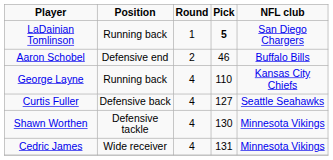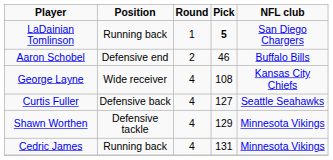 <table class="wikitable" width="80%">
 <tr align="center">
 <td><strong>Player</strong></td>
 <td><strong>Position</strong></td>
 <td><strong>Round</strong></td>
 <td><strong>Pick</strong></td>
 <td><strong>NFL club</strong></td>
 </tr>
 <tr align="center" bgcolor="">
 <td><a href='#'>LaDainian Tomlinson</a></td>
 <td>Running back</td>
 <td>1</td>
 <td><strong>5</strong></td>
 <td><a href='#'>San Diego Chargers</a></td>
 </tr>
 <tr align="center" bgcolor="">
 <td><a href='#'>Aaron Schobel</a></td>
 <td>Defensive end</td>
 <td>2</td>
 <td>46</td>
 <td><a href='#'>Buffalo Bills</a></td>
 </tr>
 <tr align="center" bgcolor="">
 <td><a href='#'>George Layne</a></td>
-<td>Running back</td>
+<td>Wide receiver</td>
 <td>4</td>
-<td>110</td>
+<td>108</td>
 <td><a href='#'>Kansas City Chiefs</a></td>
 </tr>
 <tr align="center" bgcolor="">
 <td><a href='#'>Curtis Fuller</a></td>
 <td>Defensive back</td>
 <td>4</td>
 <td>127</td>
 <td><a href='#'>Seattle Seahawks</a></td>
 </tr>
 <tr align="center" bgcolor="">
 <td><a href='#'>Shawn Worthen</a></td>
 <td>Defensive tackle</td>
 <td>4</td>
-<td>130</td>
+<td>129</td>
 <td><a href='#'>Minnesota Vikings</a></td>
 </tr>
 <tr align="center" bgcolor="">
 <td><a href='#'>Cedric James</a></td>
-<td>Wide receiver</td>
+<td>Running back</td>
 <td>4</td>
 <td>131</td>
 <td><a href='#'>Minnesota Vikings</a></td>
 </tr>
 <tr align="center" bgcolor="">
 </tr>
 </table>
